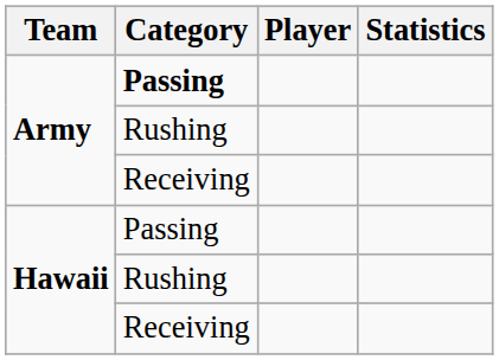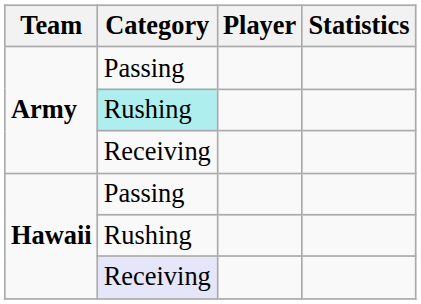 <table class="wikitable" style="float: left;">
 <tr>
 <th>Team</th>
 <th>Category</th>
 <th>Player</th>
 <th>Statistics</th>
 </tr>
 <tr>
 <td rowspan=3><strong>Army</strong></td>
-<td><strong>Passing</strong></td>
+<td>Passing</td>
 <td></td>
 <td></td>
 </tr>
 <tr>
-<td>Rushing</td>
+<td style="background: paleturquoise;">Rushing</td>
 <td></td>
 <td></td>
 </tr>
 <tr>
 <td>Receiving</td>
 <td></td>
 <td></td>
 </tr>
 <tr>
 <td rowspan=3><strong>Hawaii</strong></td>
 <td>Passing</td>
 <td></td>
 <td></td>
 </tr>
 <tr>
 <td>Rushing</td>
 <td></td>
 <td></td>
 </tr>
 <tr>
-<td>Receiving</td>
+<td style="background: lavender;">Receiving</td>
 <td></td>
 <td></td>
 </tr>
 </table>
